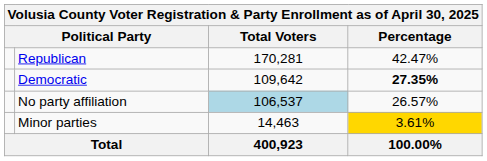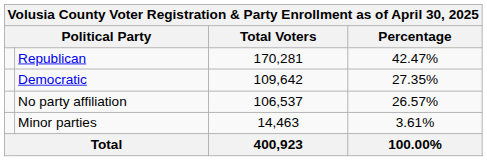 <table class=wikitable>
 <tr>
 <th colspan = 6>Volusia County Voter Registration & Party Enrollment as of April 30, 2025</th>
 </tr>
 <tr>
 <th colspan = 2>Political Party</th>
 <th>Total Voters</th>
 <th>Percentage</th>
 </tr>
 <tr>
 <td></td>
 <td><a href='#'>Republican</a></td>
 <td align = center>170,281</td>
 <td align = center>42.47%</td>
 </tr>
 <tr>
 <td></td>
 <td><a href='#'>Democratic</a></td>
 <td align = center>109,642</td>
-<td align = center><strong>27.35%</strong></td>
+<td align = center>27.35%</td>
 </tr>
 <tr>
 <td></td>
 <td>No party affiliation</td>
-<td align = center style="background: lightblue;">106,537</td>
+<td align = center>106,537</td>
 <td align = center>26.57%</td>
 </tr>
 <tr>
 <td></td>
 <td>Minor parties</td>
 <td align = center>14,463</td>
-<td align = center style="background: gold;">3.61%</td>
+<td align = center>3.61%</td>
 </tr>
 <tr>
 <th colspan = 2>Total</th>
 <th align = center>400,923</th>
 <th align = center>100.00%</th>
 </tr>
 </table>
